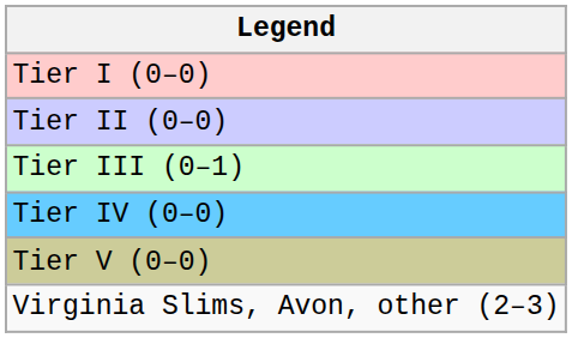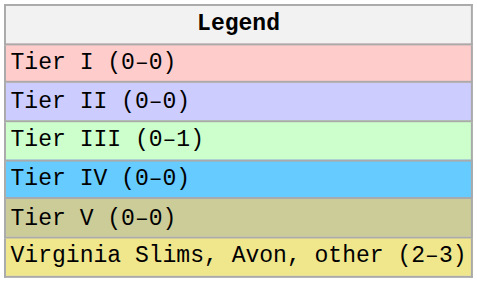 <table class="wikitable" style="font-size:90%;">
 <tr>
 <th>Legend</th>
 </tr>
 <tr>
 <td bgcolor=#FFCCCC>Tier I (0–0)</td>
 </tr>
 <tr>
 <td bgcolor=#CCCCFF>Tier II (0–0)</td>
 </tr>
 <tr>
 <td bgcolor=#CCFFCC>Tier III (0–1)</td>
 </tr>
 <tr>
 <td bgcolor=#66CCFF>Tier IV (0–0)</td>
 </tr>
 <tr>
 <td bgcolor=#CCCC99>Tier V (0–0)</td>
 </tr>
 <tr>
-<td>Virginia Slims, Avon, other (2–3)</td>
+<td style="background: khaki;">Virginia Slims, Avon, other (2–3)</td>
 </tr>
 </table>
